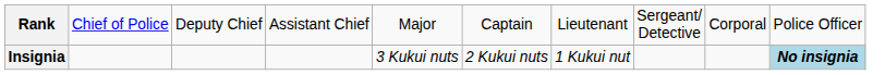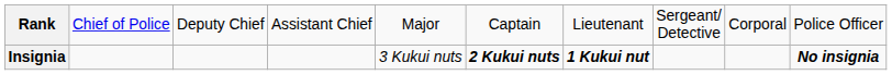 <table class="wikitable">
 <tr style="text-align:center;">
 <th>Rank</th>
 <td><a href='#'>Chief of Police</a></td>
 <td>Deputy Chief</td>
 <td>Assistant Chief</td>
 <td>Major</td>
 <td>Captain</td>
 <td>Lieutenant</td>
 <td>Sergeant/<br>Detective</td>
 <td>Corporal</td>
 <td>Police Officer</td>
 </tr>
 <tr style="text-align:center;">
 <th>Insignia</th>
 <td></td>
 <td></td>
 <td></td>
 <td><em>3 Kukui nuts</em></td>
-<td><em>2 Kukui nuts</em></td>
-<td><em>1 Kukui nut</em></td>
+<td><strong><em>2 Kukui nuts</em></strong></td>
+<td><strong><em>1 Kukui nut</em></strong></td>
 <td></td>
 <td></td>
-<td style="background: lightblue;"><strong><em>No insignia</em></strong></td>
+<td><strong><em>No insignia</em></strong></td>
 </tr>
 </table>
